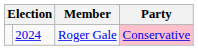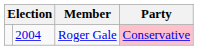 <table class="wikitable">
 <tr>
 <th colspan="2">Election</th>
 <th>Member</th>
 <th>Party</th>
 </tr>
 <tr>
 <td style="color:inherit;background-color: "></td>
-<td><a href='#'>2024</a></td>
+<td><a href='#'>2004</a></td>
 <td><a href='#'>Roger Gale</a></td>
 <td style="background: pink;"><a href='#'>Conservative</a></td>
 </tr>
 </table>
